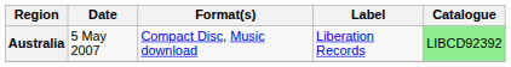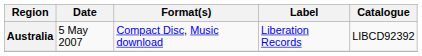 <table class="wikitable plainrowheaders">
 <tr>
 <th scope="col">Region</th>
 <th scope="col">Date</th>
 <th scope="col">Format(s)</th>
 <th scope="col">Label</th>
 <th scope="col">Catalogue</th>
 </tr>
 <tr>
 <th scope="row">Australia</th>
 <td>5 May 2007</td>
 <td><a href='#'>Compact Disc</a>, <a href='#'>Music download</a></td>
 <td><a href='#'>Liberation Records</a></td>
-<td style="background: lightgreen;">LIBCD92392</td>
+<td>LIBCD92392</td>
 </tr>
 <tr>
 </tr>
 </table>
